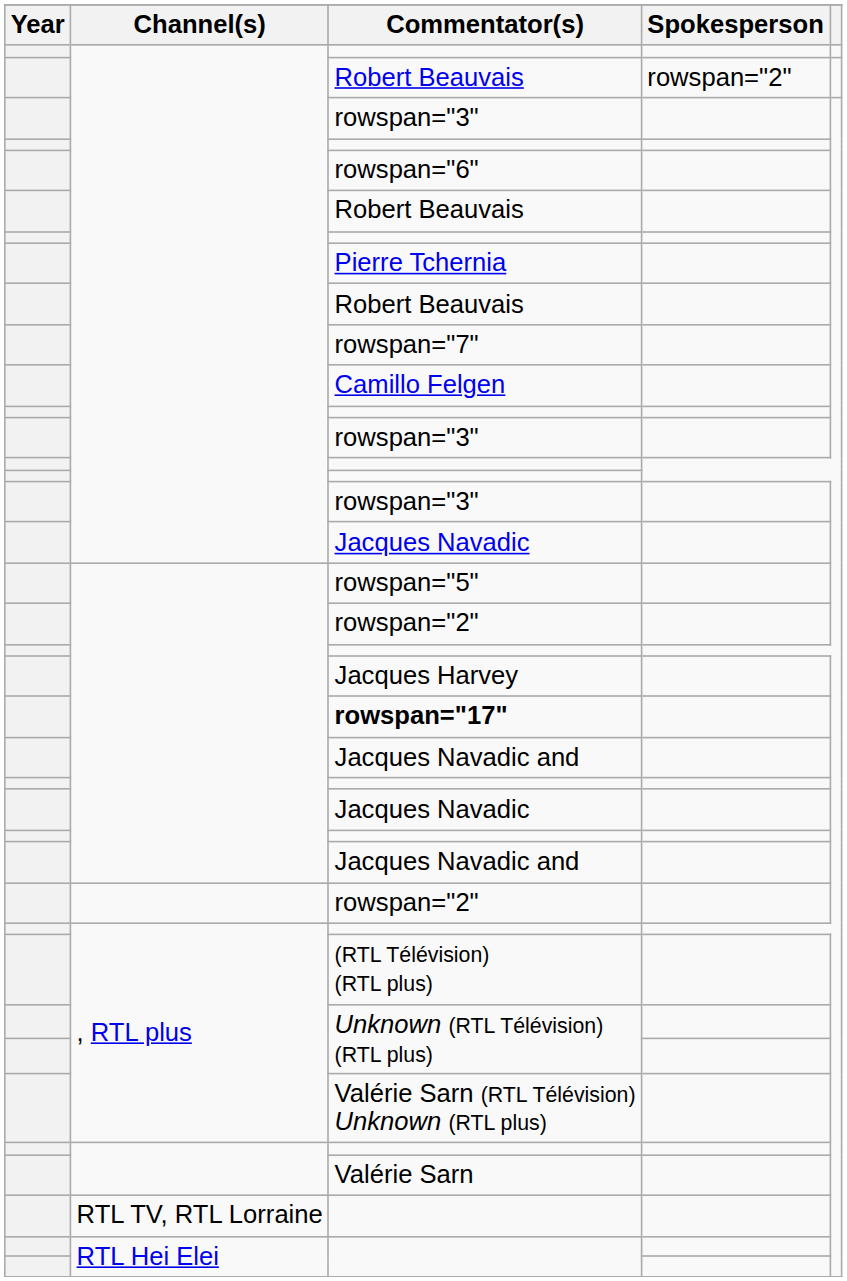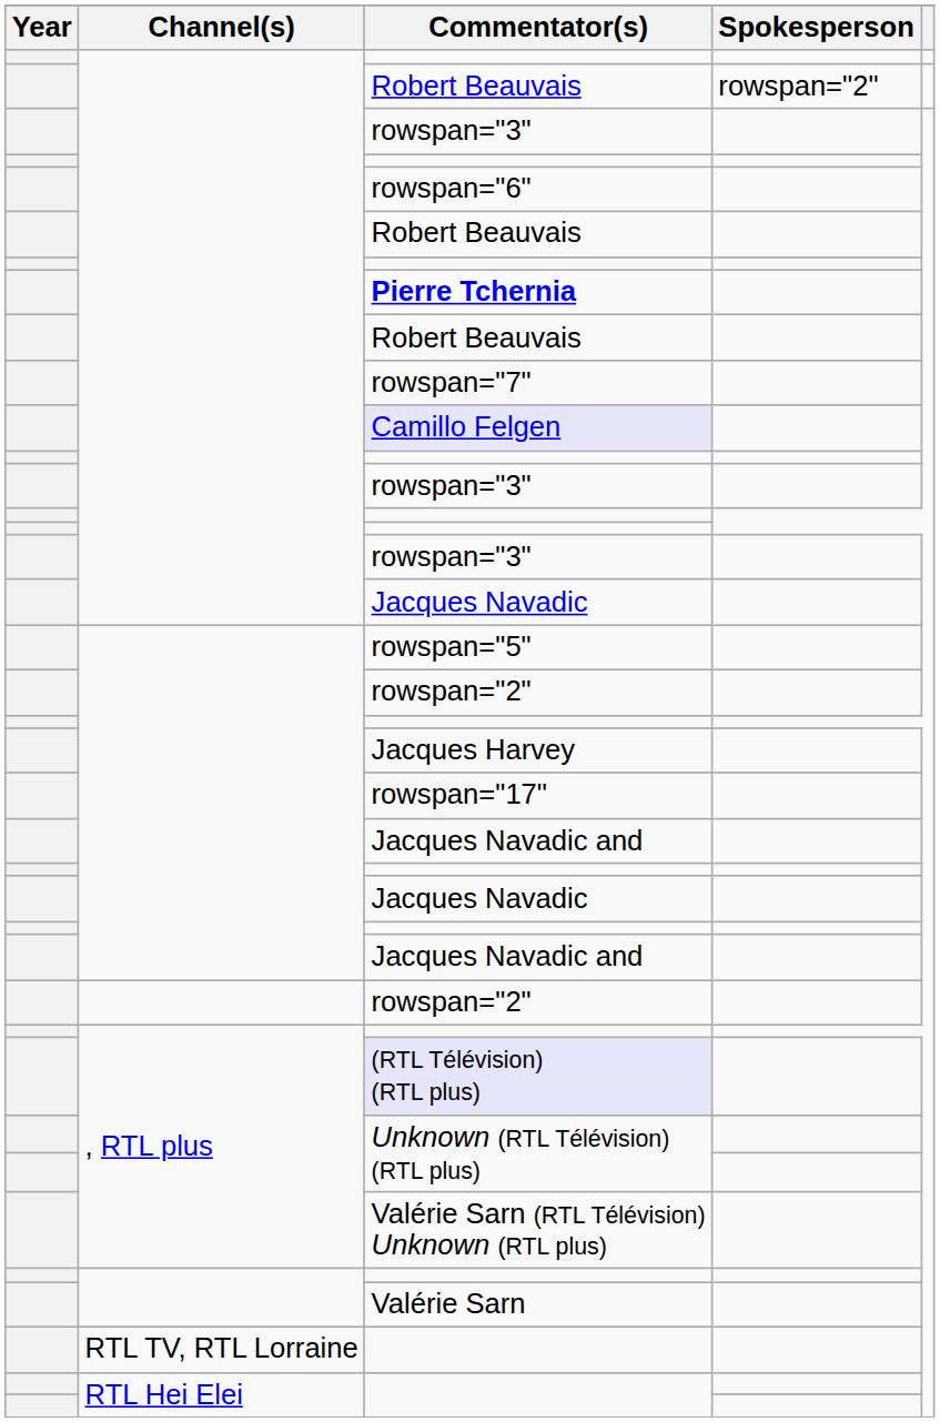 <table class="wikitable plainrowheaders sticky-header">
 <tr>
 </tr>
 <tr>
 <th scope="col">Year</th>
 <th scope="col">Channel(s)</th>
 <th scope="col">Commentator(s)</th>
 <th scope="col">Spokesperson</th>
 <th scope="col"></th>
 </tr>
 <tr>
 <th scope="row"></th>
 <td rowspan="17"></td>
 <td></td>
 <td></td>
 <td style="text-align:center"></td>
 </tr>
 <tr>
 <th scope="row"></th>
 <td><a href='#'>Robert Beauvais</a></td>
 <td>rowspan="2" </td>
 <td style="text-align:center;"></td>
 </tr>
 <tr>
 <th scope="row"></th>
 <td>rowspan="3" </td>
 <td style="text-align:center"></td>
 </tr>
 <tr>
 <th scope="row"></th>
 <td></td>
 <td style="text-align:center"></td>
 </tr>
 <tr>
 <th scope="row"></th>
 <td>rowspan="6" </td>
 <td style="text-align:center"></td>
 </tr>
 <tr>
 <th scope="row"></th>
 <td>Robert Beauvais</td>
 <td style="text-align:center;"></td>
 </tr>
 <tr>
 <th scope="row"></th>
 <td></td>
 <td style="text-align:center"></td>
 </tr>
 <tr>
 <th scope="row"></th>
-<td><a href='#'>Pierre Tchernia</a></td>
+<td><strong><a href='#'>Pierre Tchernia</a></strong></td>
 <td style="text-align:center"></td>
 </tr>
 <tr>
 <th scope="row"></th>
 <td>Robert Beauvais</td>
 <td style="text-align:center"></td>
 </tr>
 <tr>
 <th scope="row"></th>
 <td>rowspan="7" </td>
 <td style="text-align:center"></td>
 </tr>
 <tr>
 <th scope="row"></th>
-<td><a href='#'>Camillo Felgen</a></td>
+<td style="background: lavender;"><a href='#'>Camillo Felgen</a></td>
 <td style="text-align:center"></td>
 </tr>
 <tr>
 <th scope="row"></th>
 <td></td>
 <td style="text-align:center"></td>
 </tr>
 <tr>
 <th scope="row"></th>
 <td>rowspan="3" </td>
 <td style="text-align:center"></td>
 </tr>
 <tr>
 <th scope="row"></th>
 <td style="text-align:center"></td>
 </tr>
 <tr>
 <th scope="row"></th>
 <td style="text-align:center"></td>
 </tr>
 <tr>
 <th scope="row"></th>
 <td>rowspan="3" </td>
 <td style="text-align:center"></td>
 </tr>
 <tr>
 <th scope="row"></th>
 <td><a href='#'>Jacques Navadic</a></td>
 <td style="text-align:center"></td>
 </tr>
 <tr>
 <th scope="row"></th>
 <td rowspan="10"></td>
 <td>rowspan="5" </td>
 <td style="text-align:center"></td>
 </tr>
 <tr>
 <th scope="row"></th>
 <td>rowspan="2" </td>
 <td style="text-align:center"></td>
 </tr>
 <tr>
 <th scope="row"></th>
 <td style="text-align:center"></td>
 </tr>
 <tr>
 <th scope="row"></th>
 <td>Jacques Harvey</td>
 <td style="text-align:center"></td>
 </tr>
 <tr>
 <th scope="row"></th>
-<td><strong>rowspan="17" </strong></td>
+<td>rowspan="17" </td>
 <td style="text-align:center"></td>
 </tr>
 <tr>
 <th scope="row"></th>
 <td>Jacques Navadic and </td>
 <td style="text-align:center"></td>
 </tr>
 <tr>
 <th scope="row"></th>
 <td></td>
 <td style="text-align:center"></td>
 </tr>
 <tr>
 <th scope="row"></th>
 <td>Jacques Navadic</td>
 <td style="text-align:center"></td>
 </tr>
 <tr>
 <th scope="row"></th>
 <td></td>
 <td style="text-align:center"></td>
 </tr>
 <tr>
 <th scope="row"></th>
 <td>Jacques Navadic and </td>
 <td style="text-align:center"></td>
 </tr>
 <tr>
 <th scope="row"></th>
 <td></td>
 <td>rowspan="2" </td>
 <td style="text-align:center"></td>
 </tr>
 <tr>
 <th scope="row"></th>
 <td rowspan="5">, <a href='#'>RTL plus</a></td>
 <td style="text-align:center"></td>
 </tr>
 <tr>
 <th scope="row"></th>
-<td> <small>(RTL Télévision)</small><br> <small>(RTL plus)</small></td>
+<td style="background: lavender;"> <small>(RTL Télévision)</small><br> <small>(RTL plus)</small></td>
 <td style="text-align:center"></td>
 </tr>
 <tr>
 <th scope="row"></th>
 <td rowspan="2"><em>Unknown</em> <small>(RTL Télévision)</small><br> <small>(RTL plus)</small></td>
 <td style="text-align:center"></td>
 </tr>
 <tr>
 <th scope="row"></th>
 <td style="text-align:center"></td>
 </tr>
 <tr>
 <th scope="row"></th>
 <td>Valérie Sarn <small>(RTL Télévision)</small><br><em>Unknown</em> <small>(RTL plus)</small></td>
 <td style="text-align:center;"></td>
 </tr>
 <tr>
 <th scope="row"></th>
 <td rowspan="2"></td>
 <td></td>
 <td style="text-align:center"></td>
 </tr>
 <tr>
 <th scope="row"></th>
 <td>Valérie Sarn</td>
 <td style="text-align:center"></td>
 </tr>
 <tr>
 <th scope="row"></th>
 <td>RTL TV, RTL Lorraine</td>
 <td></td>
 <td style="text-align:center"></td>
 </tr>
 <tr>
 <th scope="row"></th>
 <td rowspan="2"><a href='#'>RTL Hei Elei</a></td>
 <td rowspan="2"></td>
 <td style="text-align:center"></td>
 </tr>
 <tr>
 <th scope="row"></th>
 <td style="text-align:center"></td>
 </tr>
 </table>
